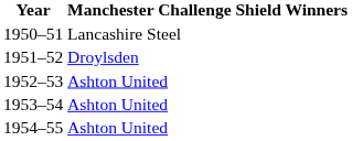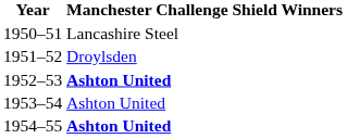 <table>
 <tr>
 <th>Year</th>
 <th>Manchester Challenge Shield Winners</th>
 </tr>
 <tr>
 <td>1950–51</td>
 <td>Lancashire Steel</td>
 </tr>
 <tr>
 <td>1951–52</td>
 <td><a href='#'>Droylsden</a></td>
 </tr>
 <tr>
 <td>1952–53</td>
-<td><a href='#'>Ashton United</a></td>
+<td><strong><a href='#'>Ashton United</a></strong></td>
 </tr>
 <tr>
 <td>1953–54</td>
 <td><a href='#'>Ashton United</a></td>
 </tr>
 <tr>
 <td>1954–55</td>
-<td><a href='#'>Ashton United</a></td>
+<td><strong><a href='#'>Ashton United</a></strong></td>
 </tr>
 </table>
